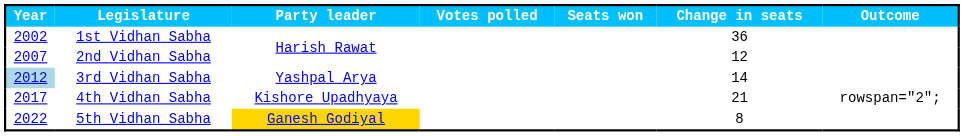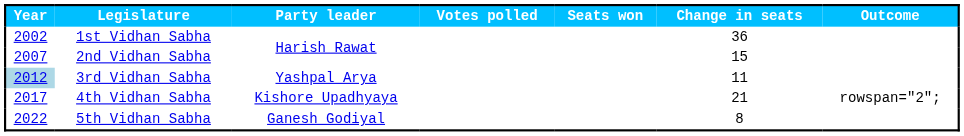 <table class="sortable" cellspacing="0" cellpadding="2" style="border-collapse: collapse; border: 2px #000000 solid; font-size: x-big; width:70%; border:1">
 <tr style="background-color:#00BFFF; color:white">
 <th>Year</th>
 <th>Legislature</th>
 <th>Party leader</th>
 <th>Votes polled</th>
 <th>Seats won</th>
 <th>Change in seats</th>
 <th>Outcome</th>
 </tr>
 <tr style="text-align:center;">
 <td><a href='#'>2002</a></td>
 <td><a href='#'>1st Vidhan Sabha</a></td>
 <td rowspan="2"><a href='#'>Harish Rawat</a></td>
 <td></td>
 <td></td>
 <td> 36</td>
 <td></td>
 </tr>
 <tr style="text-align:center;">
 <td><a href='#'>2007</a></td>
 <td><a href='#'>2nd Vidhan Sabha</a></td>
 <td></td>
 <td></td>
-<td> 12</td>
+<td> 15</td>
 <td></td>
 </tr>
 <tr style="text-align:center;">
 <td style="background: lightblue;"><a href='#'>2012</a></td>
 <td><a href='#'>3rd Vidhan Sabha</a></td>
 <td><a href='#'>Yashpal Arya</a></td>
 <td></td>
 <td></td>
-<td> 14</td>
+<td> 11</td>
 <td></td>
 </tr>
 <tr style="text-align:center;">
 <td><a href='#'>2017</a></td>
 <td><a href='#'>4th Vidhan Sabha</a></td>
 <td><a href='#'>Kishore Upadhyaya</a></td>
 <td></td>
 <td></td>
 <td> 21</td>
 <td>rowspan="2"; </td>
 </tr>
 <tr style="text-align:center;">
 <td><a href='#'>2022</a></td>
 <td><a href='#'>5th Vidhan Sabha</a></td>
-<td style="background: gold;"><a href='#'>Ganesh Godiyal</a></td>
+<td><a href='#'>Ganesh Godiyal</a></td>
 <td></td>
 <td></td>
 <td> 8</td>
 </tr>
 </table>
